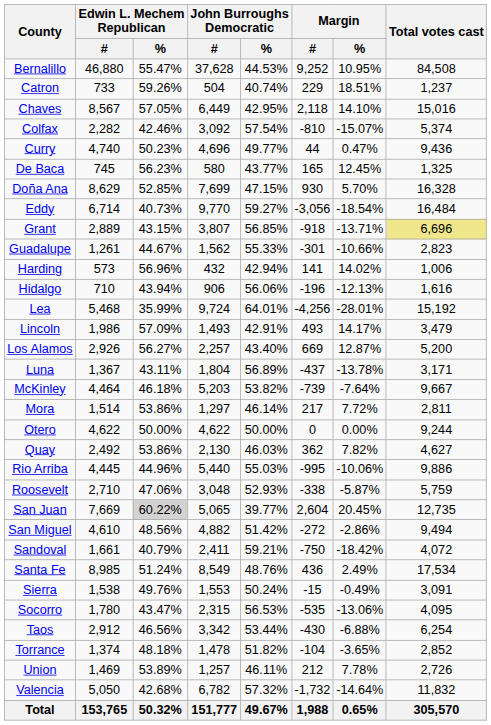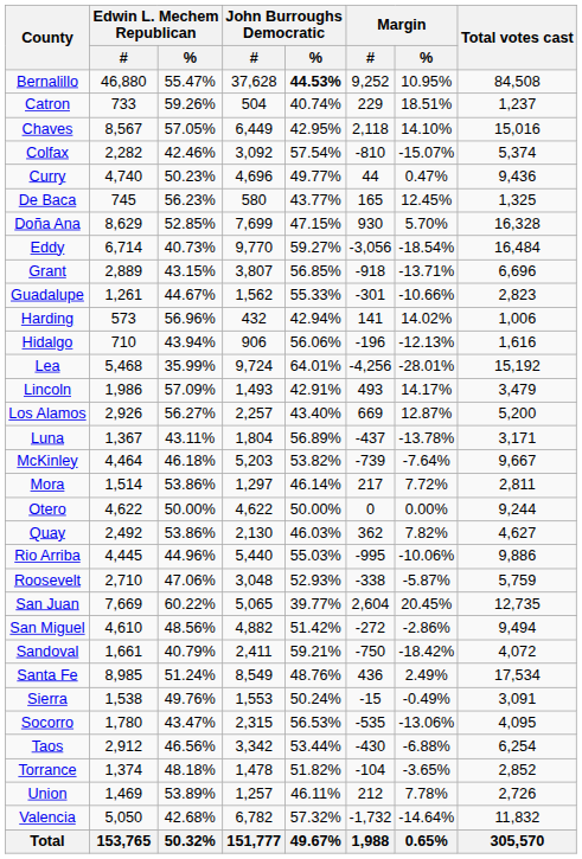 <table class="wikitable sortable" style="text-align:center">
 <tr>
 <th style="text-align:center;" rowspan="2">County</th>
 <th style="text-align:center;" colspan="2">Edwin L. Mechem<br>Republican</th>
 <th style="text-align:center;" colspan="2">John Burroughs<br>Democratic</th>
 <th style="text-align:center;" colspan="2">Margin</th>
 <th style="text-align:center;" rowspan="2">Total votes cast</th>
 </tr>
 <tr>
 <th style="text-align:center;" data-sort-type="number">#</th>
 <th style="text-align:center;" data-sort-type="number">%</th>
 <th style="text-align:center;" data-sort-type="number">#</th>
 <th style="text-align:center;" data-sort-type="number">%</th>
 <th style="text-align:center;" data-sort-type="number">#</th>
 <th style="text-align:center;" data-sort-type="number">%</th>
 </tr>
 <tr style="text-align:center;">
 <td><a href='#'>Bernalillo</a></td>
 <td>46,880</td>
 <td>55.47%</td>
 <td>37,628</td>
-<td>44.53%</td>
+<td><strong>44.53%</strong></td>
 <td>9,252</td>
 <td>10.95%</td>
 <td>84,508</td>
 </tr>
 <tr style="text-align:center;">
 <td><a href='#'>Catron</a></td>
 <td>733</td>
 <td>59.26%</td>
 <td>504</td>
 <td>40.74%</td>
 <td>229</td>
 <td>18.51%</td>
 <td>1,237</td>
 </tr>
 <tr style="text-align:center;">
 <td><a href='#'>Chaves</a></td>
 <td>8,567</td>
 <td>57.05%</td>
 <td>6,449</td>
 <td>42.95%</td>
 <td>2,118</td>
 <td>14.10%</td>
 <td>15,016</td>
 </tr>
 <tr style="text-align:center;">
 <td><a href='#'>Colfax</a></td>
 <td>2,282</td>
 <td>42.46%</td>
 <td>3,092</td>
 <td>57.54%</td>
 <td>-810</td>
 <td>-15.07%</td>
 <td>5,374</td>
 </tr>
 <tr style="text-align:center;">
 <td><a href='#'>Curry</a></td>
 <td>4,740</td>
 <td>50.23%</td>
 <td>4,696</td>
 <td>49.77%</td>
 <td>44</td>
 <td>0.47%</td>
 <td>9,436</td>
 </tr>
 <tr style="text-align:center;">
 <td><a href='#'>De Baca</a></td>
 <td>745</td>
 <td>56.23%</td>
 <td>580</td>
 <td>43.77%</td>
 <td>165</td>
 <td>12.45%</td>
 <td>1,325</td>
 </tr>
 <tr style="text-align:center;">
 <td><a href='#'>Doña Ana</a></td>
 <td>8,629</td>
 <td>52.85%</td>
 <td>7,699</td>
 <td>47.15%</td>
 <td>930</td>
 <td>5.70%</td>
 <td>16,328</td>
 </tr>
 <tr style="text-align:center;">
 <td><a href='#'>Eddy</a></td>
 <td>6,714</td>
 <td>40.73%</td>
 <td>9,770</td>
 <td>59.27%</td>
 <td>-3,056</td>
 <td>-18.54%</td>
 <td>16,484</td>
 </tr>
 <tr style="text-align:center;">
 <td><a href='#'>Grant</a></td>
 <td>2,889</td>
 <td>43.15%</td>
 <td>3,807</td>
 <td>56.85%</td>
 <td>-918</td>
 <td>-13.71%</td>
-<td style="background: khaki;">6,696</td>
+<td>6,696</td>
 </tr>
 <tr style="text-align:center;">
 <td><a href='#'>Guadalupe</a></td>
 <td>1,261</td>
 <td>44.67%</td>
 <td>1,562</td>
 <td>55.33%</td>
 <td>-301</td>
 <td>-10.66%</td>
 <td>2,823</td>
 </tr>
 <tr style="text-align:center;">
 <td><a href='#'>Harding</a></td>
 <td>573</td>
 <td>56.96%</td>
 <td>432</td>
 <td>42.94%</td>
 <td>141</td>
 <td>14.02%</td>
 <td>1,006</td>
 </tr>
 <tr style="text-align:center;">
 <td><a href='#'>Hidalgo</a></td>
 <td>710</td>
 <td>43.94%</td>
 <td>906</td>
 <td>56.06%</td>
 <td>-196</td>
 <td>-12.13%</td>
 <td>1,616</td>
 </tr>
 <tr style="text-align:center;">
 <td><a href='#'>Lea</a></td>
 <td>5,468</td>
 <td>35.99%</td>
 <td>9,724</td>
 <td>64.01%</td>
 <td>-4,256</td>
 <td>-28.01%</td>
 <td>15,192</td>
 </tr>
 <tr style="text-align:center;">
 <td><a href='#'>Lincoln</a></td>
 <td>1,986</td>
 <td>57.09%</td>
 <td>1,493</td>
 <td>42.91%</td>
 <td>493</td>
 <td>14.17%</td>
 <td>3,479</td>
 </tr>
 <tr style="text-align:center;">
 <td><a href='#'>Los Alamos</a></td>
 <td>2,926</td>
 <td>56.27%</td>
 <td>2,257</td>
 <td>43.40%</td>
 <td>669</td>
 <td>12.87%</td>
 <td>5,200</td>
 </tr>
 <tr style="text-align:center;">
 <td><a href='#'>Luna</a></td>
 <td>1,367</td>
 <td>43.11%</td>
 <td>1,804</td>
 <td>56.89%</td>
 <td>-437</td>
 <td>-13.78%</td>
 <td>3,171</td>
 </tr>
 <tr style="text-align:center;">
 <td><a href='#'>McKinley</a></td>
 <td>4,464</td>
 <td>46.18%</td>
 <td>5,203</td>
 <td>53.82%</td>
 <td>-739</td>
 <td>-7.64%</td>
 <td>9,667</td>
 </tr>
 <tr style="text-align:center;">
 <td><a href='#'>Mora</a></td>
 <td>1,514</td>
 <td>53.86%</td>
 <td>1,297</td>
 <td>46.14%</td>
 <td>217</td>
 <td>7.72%</td>
 <td>2,811</td>
 </tr>
 <tr style="text-align:center;">
 <td><a href='#'>Otero</a></td>
 <td>4,622</td>
 <td>50.00%</td>
 <td>4,622</td>
 <td>50.00%</td>
 <td>0</td>
 <td>0.00%</td>
 <td>9,244</td>
 </tr>
 <tr style="text-align:center;">
 <td><a href='#'>Quay</a></td>
 <td>2,492</td>
 <td>53.86%</td>
 <td>2,130</td>
 <td>46.03%</td>
 <td>362</td>
 <td>7.82%</td>
 <td>4,627</td>
 </tr>
 <tr style="text-align:center;">
 <td><a href='#'>Rio Arriba</a></td>
 <td>4,445</td>
 <td>44.96%</td>
 <td>5,440</td>
 <td>55.03%</td>
 <td>-995</td>
 <td>-10.06%</td>
 <td>9,886</td>
 </tr>
 <tr style="text-align:center;">
 <td><a href='#'>Roosevelt</a></td>
 <td>2,710</td>
 <td>47.06%</td>
 <td>3,048</td>
 <td>52.93%</td>
 <td>-338</td>
 <td>-5.87%</td>
 <td>5,759</td>
 </tr>
 <tr style="text-align:center;">
 <td><a href='#'>San Juan</a></td>
 <td>7,669</td>
-<td style="background: lightgrey;">60.22%</td>
+<td>60.22%</td>
 <td>5,065</td>
 <td>39.77%</td>
 <td>2,604</td>
 <td>20.45%</td>
 <td>12,735</td>
 </tr>
 <tr style="text-align:center;">
 <td><a href='#'>San Miguel</a></td>
 <td>4,610</td>
 <td>48.56%</td>
 <td>4,882</td>
 <td>51.42%</td>
 <td>-272</td>
 <td>-2.86%</td>
 <td>9,494</td>
 </tr>
 <tr style="text-align:center;">
 <td><a href='#'>Sandoval</a></td>
 <td>1,661</td>
 <td>40.79%</td>
 <td>2,411</td>
 <td>59.21%</td>
 <td>-750</td>
 <td>-18.42%</td>
 <td>4,072</td>
 </tr>
 <tr style="text-align:center;">
 <td><a href='#'>Santa Fe</a></td>
 <td>8,985</td>
 <td>51.24%</td>
 <td>8,549</td>
 <td>48.76%</td>
 <td>436</td>
 <td>2.49%</td>
 <td>17,534</td>
 </tr>
 <tr style="text-align:center;">
 <td><a href='#'>Sierra</a></td>
 <td>1,538</td>
 <td>49.76%</td>
 <td>1,553</td>
 <td>50.24%</td>
 <td>-15</td>
 <td>-0.49%</td>
 <td>3,091</td>
 </tr>
 <tr style="text-align:center;">
 <td><a href='#'>Socorro</a></td>
 <td>1,780</td>
 <td>43.47%</td>
 <td>2,315</td>
 <td>56.53%</td>
 <td>-535</td>
 <td>-13.06%</td>
 <td>4,095</td>
 </tr>
 <tr style="text-align:center;">
 <td><a href='#'>Taos</a></td>
 <td>2,912</td>
 <td>46.56%</td>
 <td>3,342</td>
 <td>53.44%</td>
 <td>-430</td>
 <td>-6.88%</td>
 <td>6,254</td>
 </tr>
 <tr style="text-align:center;">
 <td><a href='#'>Torrance</a></td>
 <td>1,374</td>
 <td>48.18%</td>
 <td>1,478</td>
 <td>51.82%</td>
 <td>-104</td>
 <td>-3.65%</td>
 <td>2,852</td>
 </tr>
 <tr style="text-align:center;">
 <td><a href='#'>Union</a></td>
 <td>1,469</td>
 <td>53.89%</td>
 <td>1,257</td>
 <td>46.11%</td>
 <td>212</td>
 <td>7.78%</td>
 <td>2,726</td>
 </tr>
 <tr style="text-align:center;">
 <td><a href='#'>Valencia</a></td>
 <td>5,050</td>
 <td>42.68%</td>
 <td>6,782</td>
 <td>57.32%</td>
 <td>-1,732</td>
 <td>-14.64%</td>
 <td>11,832</td>
 </tr>
 <tr style="text-align:center;">
 <th>Total</th>
 <th>153,765</th>
 <th>50.32%</th>
 <th>151,777</th>
 <th>49.67%</th>
 <th>1,988</th>
 <th>0.65%</th>
 <th>305,570</th>
 </tr>
 </table>
